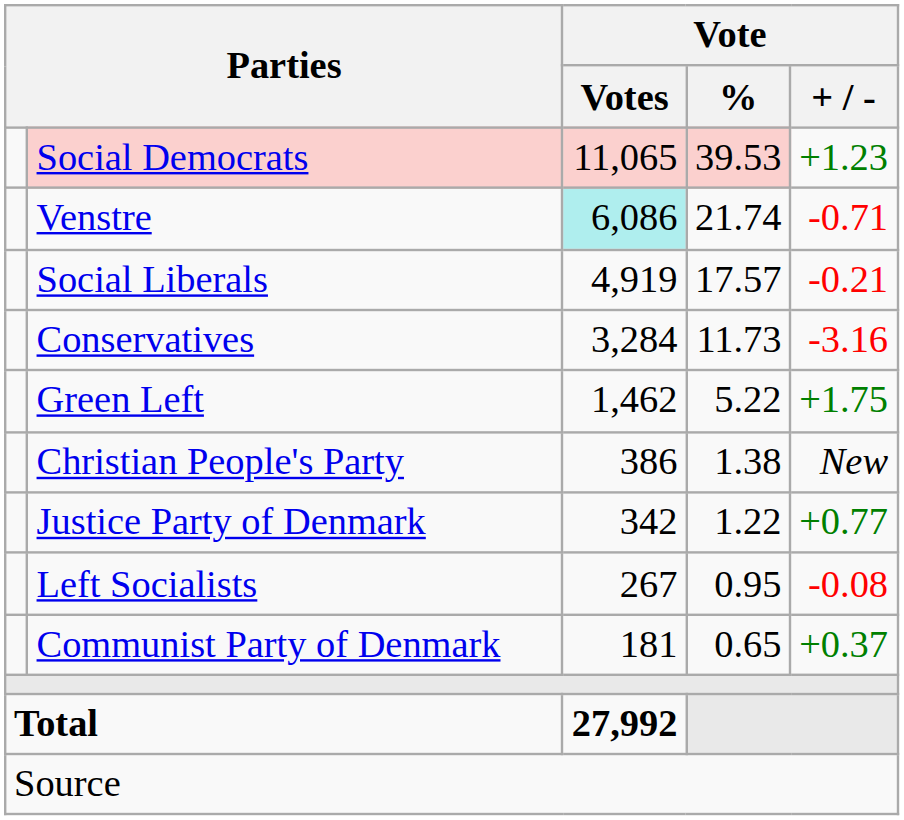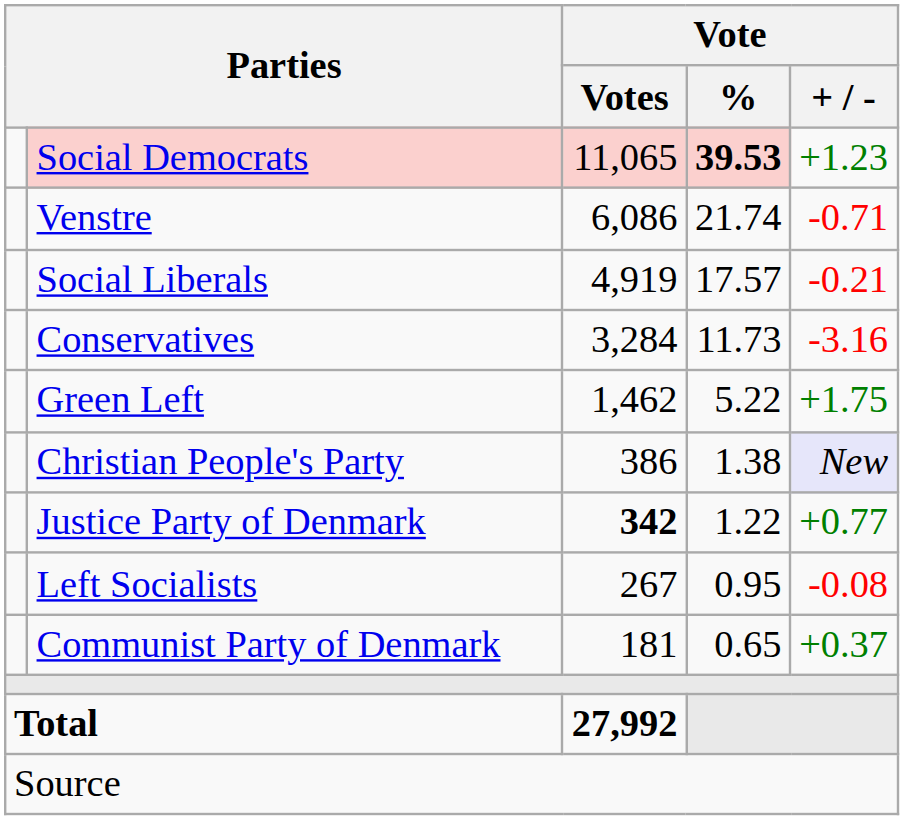 <table class="wikitable" style="text-align:right;">
 <tr>
 <th style="text-align:centre;" rowspan="2" colspan="2" width="225">Parties</th>
 <th colspan="3">Vote</th>
 </tr>
 <tr>
 <th width="15">Votes</th>
 <th width="15">%</th>
 <th width="15">+ / -</th>
 </tr>
 <tr>
 <td width="2" style="color:inherit;background:"></td>
 <td bgcolor=#fbd0ce  align="left"><a href='#'>Social Democrats</a></td>
 <td bgcolor=#fbd0ce>11,065</td>
-<td bgcolor=#fbd0ce>39.53</td>
+<td bgcolor=#fbd0ce><strong>39.53</strong></td>
 <td style=color:green;>+1.23</td>
 </tr>
 <tr>
 <td width="2" style="color:inherit;background:"></td>
 <td align="left"><a href='#'>Venstre</a></td>
-<td style="background: paleturquoise;">6,086</td>
+<td>6,086</td>
 <td>21.74</td>
 <td style=color:red;>-0.71</td>
 </tr>
 <tr>
 <td width="2" style="color:inherit;background:"></td>
 <td align="left"><a href='#'>Social Liberals</a></td>
 <td>4,919</td>
 <td>17.57</td>
 <td style=color:red;>-0.21</td>
 </tr>
 <tr>
 <td width="2" style="color:inherit;background:"></td>
 <td align="left"><a href='#'>Conservatives</a></td>
 <td>3,284</td>
 <td>11.73</td>
 <td style=color:red;>-3.16</td>
 </tr>
 <tr>
 <td width="2" style="color:inherit;background:"></td>
 <td align="left"><a href='#'>Green Left</a></td>
 <td>1,462</td>
 <td>5.22</td>
 <td style=color:green;>+1.75</td>
 </tr>
 <tr>
 <td width="2" style="color:inherit;background:"></td>
 <td align="left"><a href='#'>Christian People's Party</a></td>
 <td>386</td>
 <td>1.38</td>
-<td><em>New</em></td>
+<td style="background: lavender;"><em>New</em></td>
 </tr>
 <tr>
 <td width="2" style="color:inherit;background:"></td>
 <td align="left"><a href='#'>Justice Party of Denmark</a></td>
-<td>342</td>
+<td><strong>342</strong></td>
 <td>1.22</td>
 <td style=color:green;>+0.77</td>
 </tr>
 <tr>
 <td width="2" style="color:inherit;background:"></td>
 <td align="left"><a href='#'>Left Socialists</a></td>
 <td>267</td>
 <td>0.95</td>
 <td style=color:red;>-0.08</td>
 </tr>
 <tr>
 <td width="2" style="color:inherit;background:"></td>
 <td align="left"><a href='#'>Communist Party of Denmark</a></td>
 <td>181</td>
 <td>0.65</td>
 <td style=color:green;>+0.37</td>
 </tr>
 <tr>
 <td colspan="7" bgcolor="#E9E9E9"></td>
 </tr>
 <tr>
 <td align="left" colspan="2"><strong>Total</strong></td>
 <td><strong>27,992</strong></td>
 <td bgcolor="#E9E9E9" colspan="2"></td>
 </tr>
 <tr>
 <td align="left" colspan="6">Source</td>
 </tr>
 </table>
